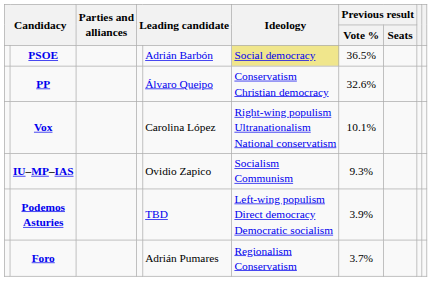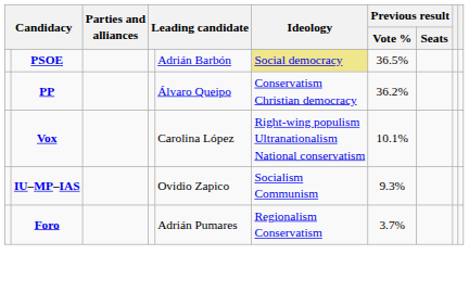 <table class="wikitable" style="line-height:1.35em; text-align:left;">
 <tr>
 <th colspan="2" rowspan="2">Candidacy</th>
 <th rowspan="2">Parties and<br>alliances</th>
 <th colspan="2" rowspan="2">Leading candidate</th>
 <th rowspan="2">Ideology</th>
 <th colspan="2">Previous result</th>
 <th rowspan="2"></th>
 <th rowspan="2"></th>
 </tr>
 <tr>
 <th>Vote %</th>
 <th>Seats</th>
 </tr>
 <tr>
 <td width="1" style="color:inherit;background:"></td>
 <td align="center"><strong><a href='#'>PSOE</a></strong></td>
 <td></td>
 <td></td>
 <td><a href='#'>Adrián Barbón</a></td>
 <td style="background: khaki;"><a href='#'>Social democracy</a></td>
 <td align="center">36.5%</td>
 <td></td>
 <td></td>
 <td></td>
 </tr>
 <tr>
 <td style="color:inherit;background:"></td>
 <td align="center"><strong><a href='#'>PP</a></strong></td>
 <td></td>
 <td></td>
 <td><a href='#'>Álvaro Queipo</a></td>
 <td><a href='#'>Conservatism</a><br><a href='#'>Christian democracy</a></td>
-<td align="center">32.6%</td>
+<td align="center">36.2%</td>
 <td></td>
 <td></td>
 <td><br></td>
 </tr>
 <tr>
 <td style="color:inherit;background:"></td>
 <td align="center"><strong><a href='#'>Vox</a></strong></td>
 <td></td>
 <td></td>
 <td>Carolina López</td>
 <td><a href='#'>Right-wing populism</a><br><a href='#'>Ultranationalism</a><br><a href='#'>National conservatism</a></td>
 <td align="center">10.1%</td>
 <td></td>
 <td></td>
 <td></td>
 </tr>
 <tr>
 <td style="color:inherit;background:"></td>
 <td align="center"><strong><a href='#'>IU</a>–<a href='#'>MP</a>–<a href='#'>IAS</a></strong></td>
 <td></td>
 <td></td>
 <td>Ovidio Zapico</td>
 <td><a href='#'>Socialism</a><br><a href='#'>Communism</a></td>
 <td align="center">9.3%</td>
 <td></td>
 <td></td>
 <td></td>
 </tr>
 <tr>
 <td style="color:inherit;background:"></td>
-<td align="center"><strong><a href='#'>Podemos<br>Asturies</a></strong></td>
-<td></td>
-<td></td>
-<td><a href='#'>TBD</a></td>
-<td><a href='#'>Left-wing populism</a><br><a href='#'>Direct democracy</a><br><a href='#'>Democratic socialism</a></td>
-<td align="center">3.9%</td>
-<td></td>
-<td></td>
-<td></td>
-</tr>
-<tr>
-<td style="color:inherit;background:"></td>
 <td align="center"><strong><a href='#'>Foro</a></strong></td>
 <td></td>
 <td></td>
 <td>Adrián Pumares</td>
 <td><a href='#'>Regionalism</a><br><a href='#'>Conservatism</a></td>
 <td align="center">3.7%</td>
 <td></td>
 <td></td>
 <td></td>
 </tr>
 </table>
